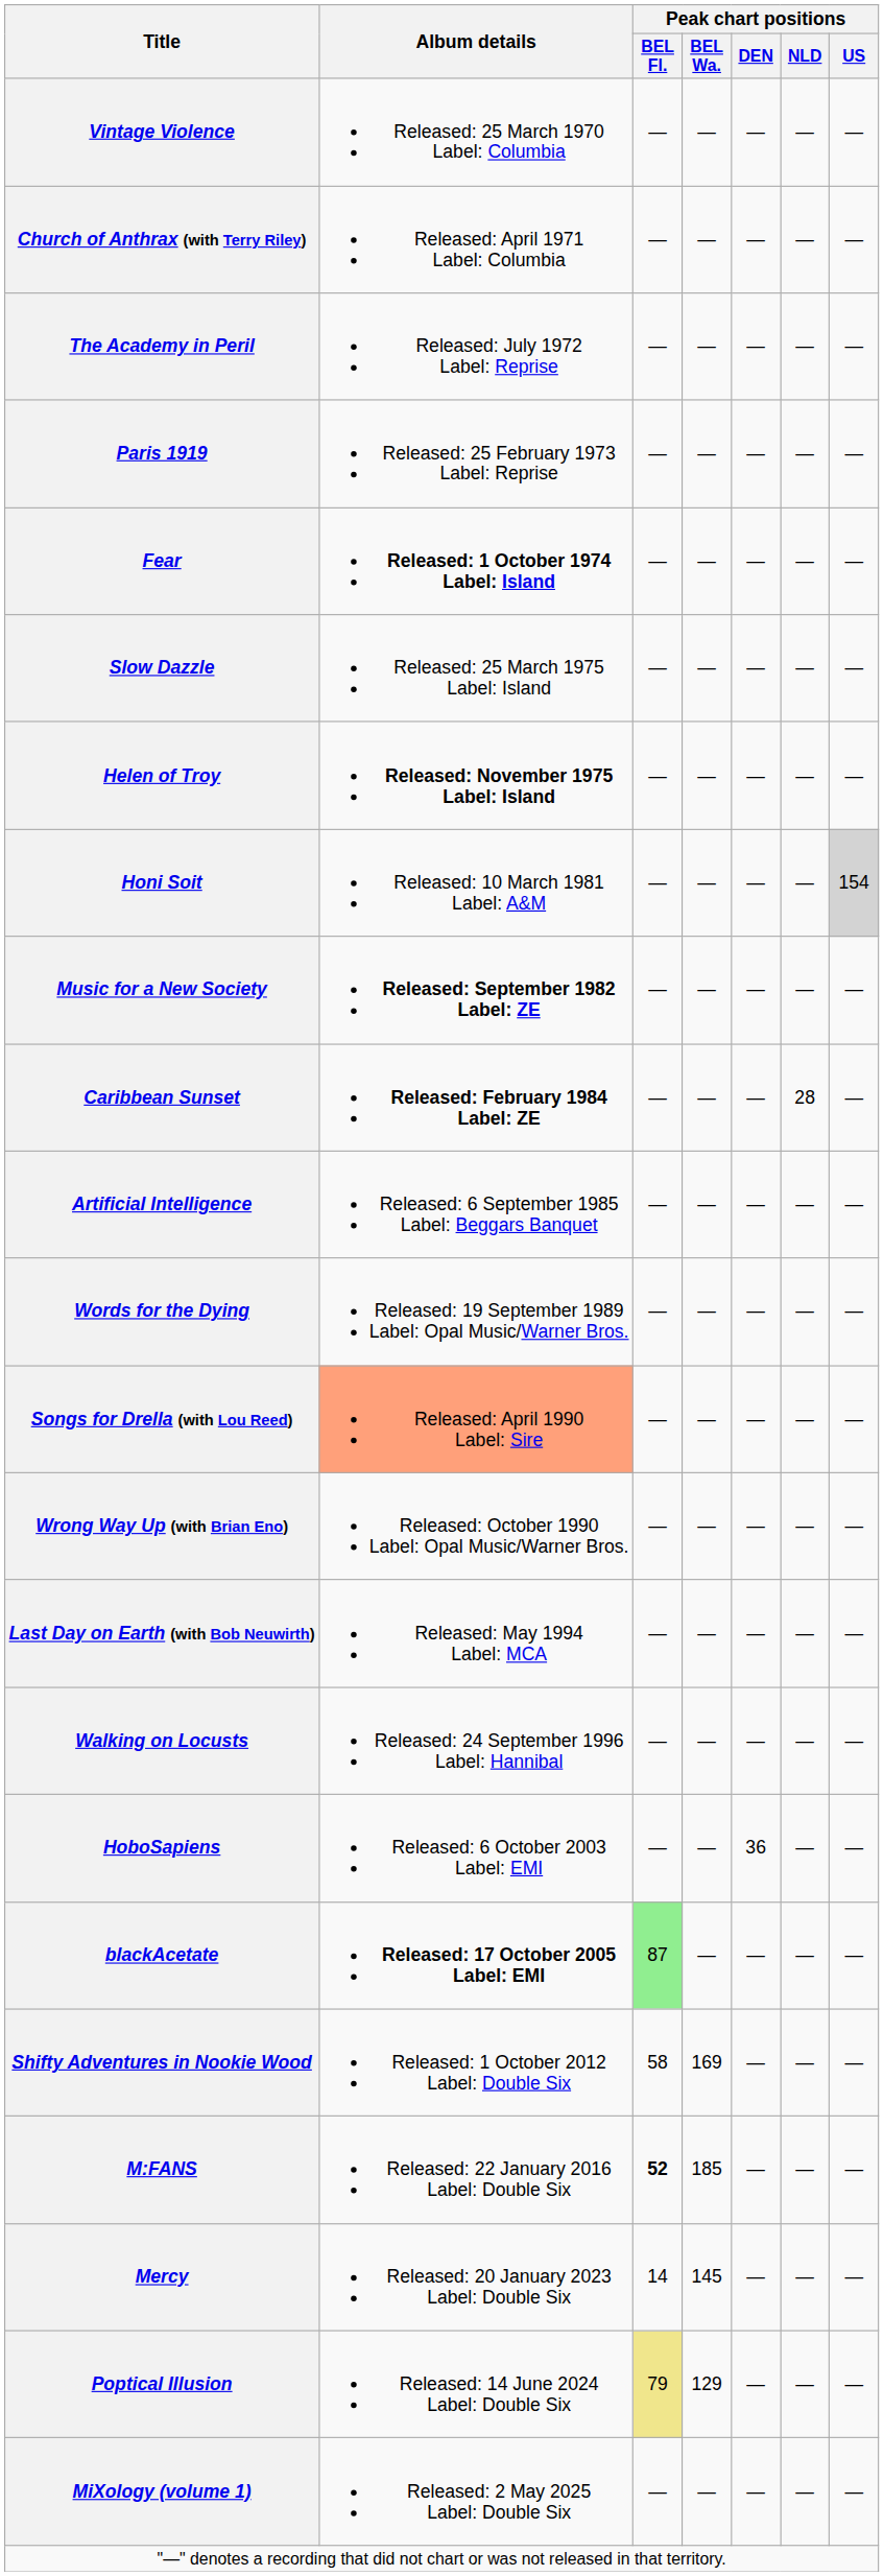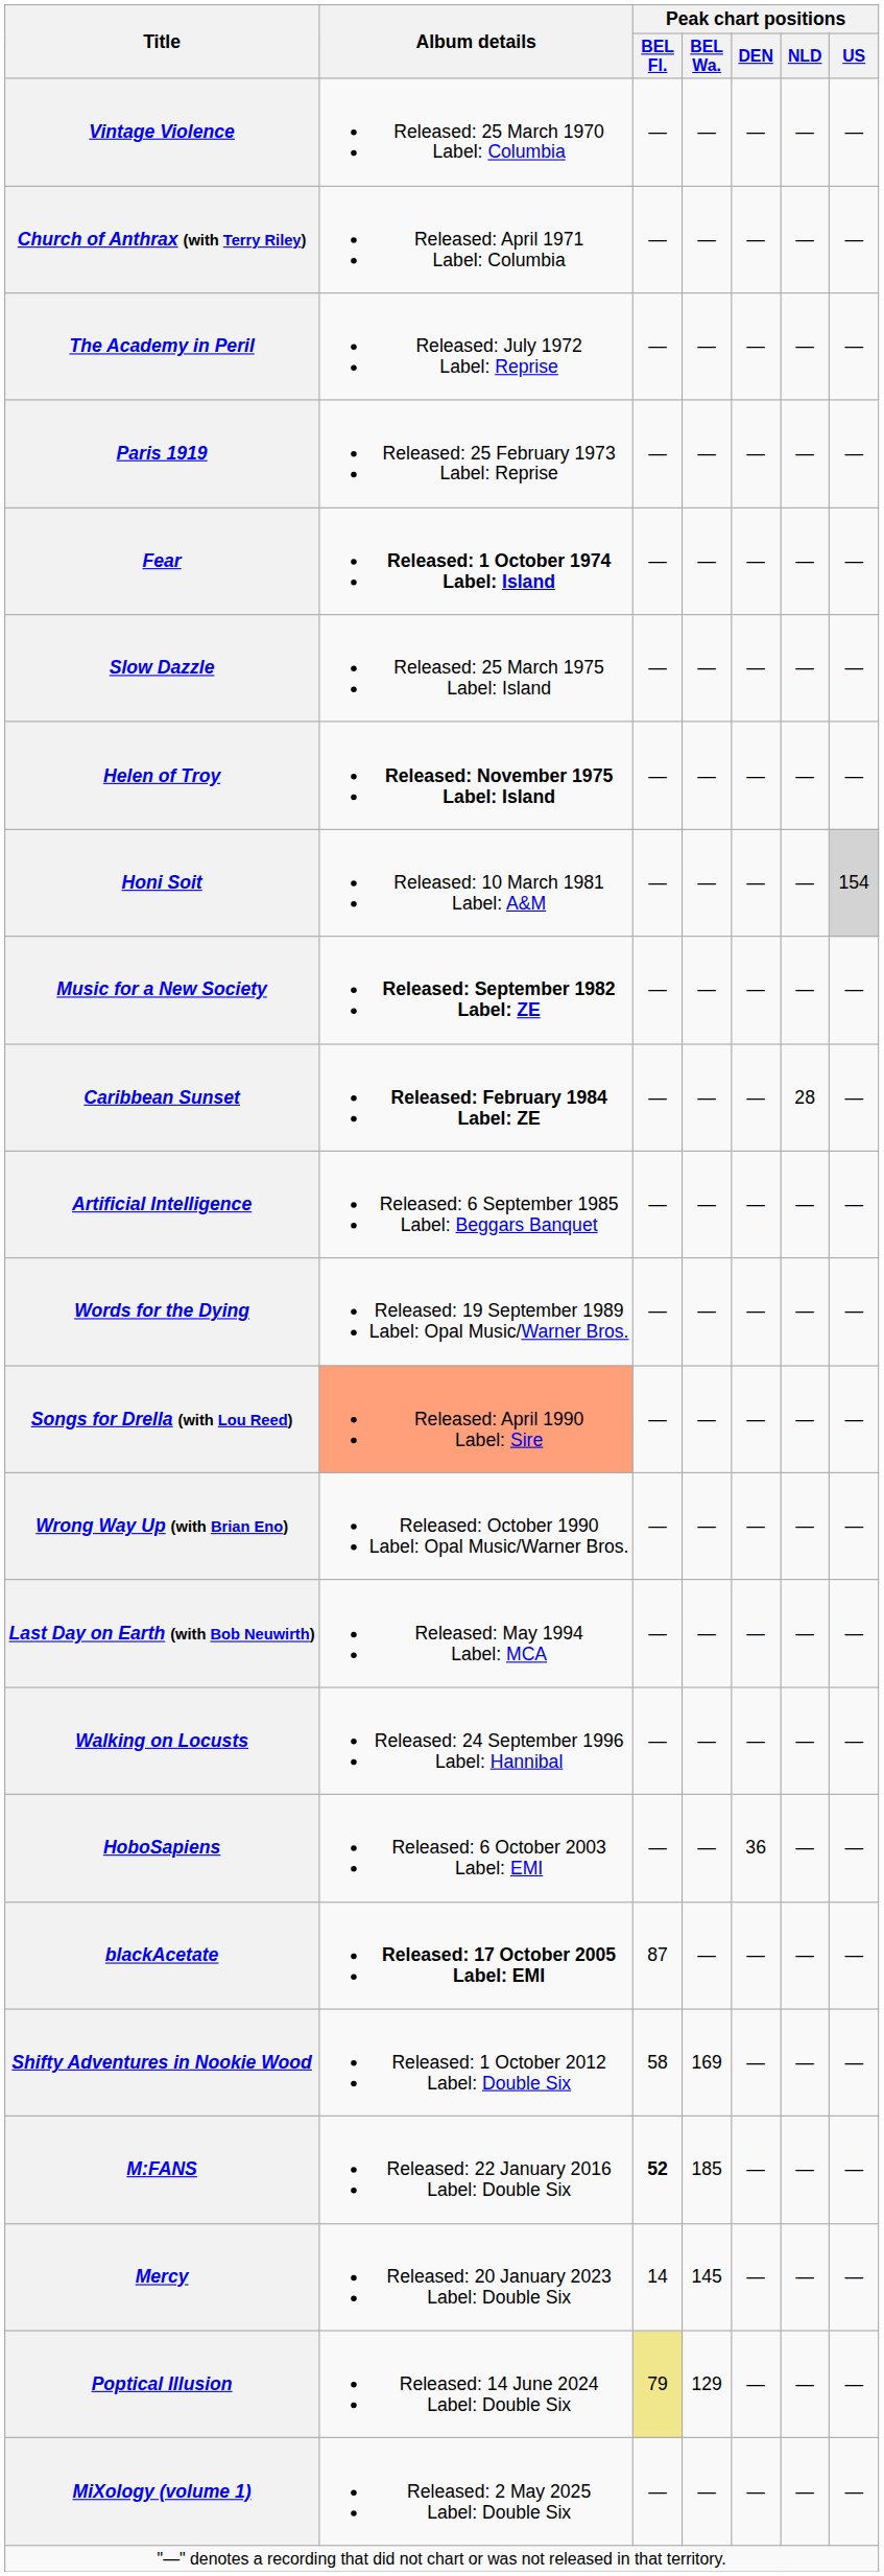 <table class="wikitable plainrowheaders" style="text-align:center;">
 <tr>
 <th scope="col" rowspan="2">Title</th>
 <th scope="col" rowspan="2">Album details</th>
 <th scope="col" colspan="5">Peak chart positions</th>
 </tr>
 <tr>
 <th scope="col" style="width:2.5em;font-size:90%;"><a href='#'>BEL<br>Fl.</a><br></th>
 <th scope="col" style="width:2.5em;font-size:90%;"><a href='#'>BEL<br>Wa.</a><br></th>
 <th scope="col" style="width:2.5em;font-size:90%;"><a href='#'>DEN</a><br></th>
 <th scope="col" style="width:2.5em;font-size:90%;"><a href='#'>NLD</a><br></th>
 <th scope="col" style="width:2.5em;font-size:90%;"><a href='#'>US</a><br></th>
 </tr>
 <tr>
 <th scope="row"><em><a href='#'>Vintage Violence</a></em></th>
 <td><br><ul><li>Released: 25 March 1970</li><li>Label: <a href='#'>Columbia</a></li></ul></td>
 <td>—</td>
 <td>—</td>
 <td>—</td>
 <td>—</td>
 <td>—</td>
 </tr>
 <tr>
 <th scope="row"><em><a href='#'>Church of Anthrax</a></em> <small>(with <a href='#'>Terry Riley</a>)</small></th>
 <td><br><ul><li>Released: April 1971</li><li>Label: Columbia</li></ul></td>
 <td>—</td>
 <td>—</td>
 <td>—</td>
 <td>—</td>
 <td>—</td>
 </tr>
 <tr>
 <th scope="row"><em><a href='#'>The Academy in Peril</a></em></th>
 <td><br><ul><li>Released: July 1972</li><li>Label: <a href='#'>Reprise</a></li></ul></td>
 <td>—</td>
 <td>—</td>
 <td>—</td>
 <td>—</td>
 <td>—</td>
 </tr>
 <tr>
 <th scope="row"><em><a href='#'>Paris 1919</a></em></th>
 <td><br><ul><li>Released: 25 February 1973</li><li>Label: Reprise</li></ul></td>
 <td>—</td>
 <td>—</td>
 <td>—</td>
 <td>—</td>
 <td>—</td>
 </tr>
 <tr>
 <th scope="row"><em><a href='#'>Fear</a></em></th>
 <td><strong><br><ul><li>Released: 1 October 1974</li><li>Label: <a href='#'>Island</a></li></ul></strong></td>
 <td>—</td>
 <td>—</td>
 <td>—</td>
 <td>—</td>
 <td>—</td>
 </tr>
 <tr>
 <th scope="row"><em><a href='#'>Slow Dazzle</a></em></th>
 <td><br><ul><li>Released: 25 March 1975</li><li>Label: Island</li></ul></td>
 <td>—</td>
 <td>—</td>
 <td>—</td>
 <td>—</td>
 <td>—</td>
 </tr>
 <tr>
 <th scope="row"><em><a href='#'>Helen of Troy</a></em></th>
 <td><strong><br><ul><li>Released: November 1975</li><li>Label: Island</li></ul></strong></td>
 <td>—</td>
 <td>—</td>
 <td>—</td>
 <td>—</td>
 <td>—</td>
 </tr>
 <tr>
 <th scope="row"><em><a href='#'>Honi Soit</a></em></th>
 <td><br><ul><li>Released: 10 March 1981</li><li>Label: <a href='#'>A&M</a></li></ul></td>
 <td>—</td>
 <td>—</td>
 <td>—</td>
 <td>—</td>
 <td style="background: lightgrey;">154</td>
 </tr>
 <tr>
 <th scope="row"><em><a href='#'>Music for a New Society</a></em></th>
 <td><strong><br><ul><li>Released: September 1982</li><li>Label: <a href='#'>ZE</a></li></ul></strong></td>
 <td>—</td>
 <td>—</td>
 <td>—</td>
 <td>—</td>
 <td>—</td>
 </tr>
 <tr>
 <th scope="row"><em><a href='#'>Caribbean Sunset</a></em></th>
 <td><strong><br><ul><li>Released: February 1984</li><li>Label: ZE</li></ul></strong></td>
 <td>—</td>
 <td>—</td>
 <td>—</td>
 <td>28</td>
 <td>—</td>
 </tr>
 <tr>
 <th scope="row"><em><a href='#'>Artificial Intelligence</a></em></th>
 <td><br><ul><li>Released: 6 September 1985</li><li>Label: <a href='#'>Beggars Banquet</a></li></ul></td>
 <td>—</td>
 <td>—</td>
 <td>—</td>
 <td>—</td>
 <td>—</td>
 </tr>
 <tr>
 <th scope="row"><em><a href='#'>Words for the Dying</a></em></th>
 <td><br><ul><li>Released: 19 September 1989</li><li>Label: Opal Music/<a href='#'>Warner Bros.</a></li></ul></td>
 <td>—</td>
 <td>—</td>
 <td>—</td>
 <td>—</td>
 <td>—</td>
 </tr>
 <tr>
 <th scope="row"><em><a href='#'>Songs for Drella</a></em> <small>(with <a href='#'>Lou Reed</a>)</small></th>
 <td style="background: lightsalmon;"><br><ul><li>Released: April 1990</li><li>Label: <a href='#'>Sire</a></li></ul></td>
 <td>—</td>
 <td>—</td>
 <td>—</td>
 <td>—</td>
 <td>—</td>
 </tr>
 <tr>
 <th scope="row"><em><a href='#'>Wrong Way Up</a></em> <small>(with <a href='#'>Brian Eno</a>)</small></th>
 <td><br><ul><li>Released: October 1990</li><li>Label: Opal Music/Warner Bros.</li></ul></td>
 <td>—</td>
 <td>—</td>
 <td>—</td>
 <td>—</td>
 <td>—</td>
 </tr>
 <tr>
 <th scope="row"><em><a href='#'>Last Day on Earth</a></em> <small>(with <a href='#'>Bob Neuwirth</a>)</small></th>
 <td><br><ul><li>Released: May 1994</li><li>Label: <a href='#'>MCA</a></li></ul></td>
 <td>—</td>
 <td>—</td>
 <td>—</td>
 <td>—</td>
 <td>—</td>
 </tr>
 <tr>
 <th scope="row"><em><a href='#'>Walking on Locusts</a></em></th>
 <td><br><ul><li>Released: 24 September 1996</li><li>Label: <a href='#'>Hannibal</a></li></ul></td>
 <td>—</td>
 <td>—</td>
 <td>—</td>
 <td>—</td>
 <td>—</td>
 </tr>
 <tr>
 <th scope="row"><em><a href='#'>HoboSapiens</a></em></th>
 <td><br><ul><li>Released: 6 October 2003</li><li>Label: <a href='#'>EMI</a></li></ul></td>
 <td>—</td>
 <td>—</td>
 <td>36</td>
 <td>—</td>
 <td>—</td>
 </tr>
 <tr>
 <th scope="row"><em><a href='#'>blackAcetate</a></em></th>
 <td><strong><br><ul><li>Released: 17 October 2005</li><li>Label: EMI</li></ul></strong></td>
-<td style="background: lightgreen;">87</td>
+<td>87</td>
 <td>—</td>
 <td>—</td>
 <td>—</td>
 <td>—</td>
 </tr>
 <tr>
 <th scope="row"><em><a href='#'>Shifty Adventures in Nookie Wood</a></em></th>
 <td><br><ul><li>Released: 1 October 2012</li><li>Label: <a href='#'>Double Six</a></li></ul></td>
 <td>58</td>
 <td>169</td>
 <td>—</td>
 <td>—</td>
 <td>—</td>
 </tr>
 <tr>
 <th scope="row"><em><a href='#'>M:FANS</a></em></th>
 <td><br><ul><li>Released: 22 January 2016</li><li>Label: Double Six</li></ul></td>
 <td><strong>52</strong></td>
 <td>185</td>
 <td>—</td>
 <td>—</td>
 <td>—</td>
 </tr>
 <tr>
 <th scope="row"><em><a href='#'>Mercy</a></em></th>
 <td><br><ul><li>Released: 20 January 2023</li><li>Label: Double Six</li></ul></td>
 <td>14</td>
 <td>145</td>
 <td>—</td>
 <td>—</td>
 <td>—</td>
 </tr>
 <tr>
 <th scope="row"><em><a href='#'>Poptical Illusion</a></em></th>
 <td><br><ul><li>Released: 14 June 2024</li><li>Label: Double Six</li></ul></td>
 <td style="background: khaki;">79</td>
 <td>129</td>
 <td>—</td>
 <td>—</td>
 <td>—</td>
 </tr>
 <tr>
 <th scope="row"><em><a href='#'>MiXology (volume 1)</a></em></th>
 <td><br><ul><li>Released: 2 May 2025</li><li>Label: Double Six</li></ul></td>
 <td>—</td>
 <td>—</td>
 <td>—</td>
 <td>—</td>
 <td>—</td>
 </tr>
 <tr>
 <td colspan="8" style="font-size:90%">"—" denotes a recording that did not chart or was not released in that territory.</td>
 </tr>
 </table>
